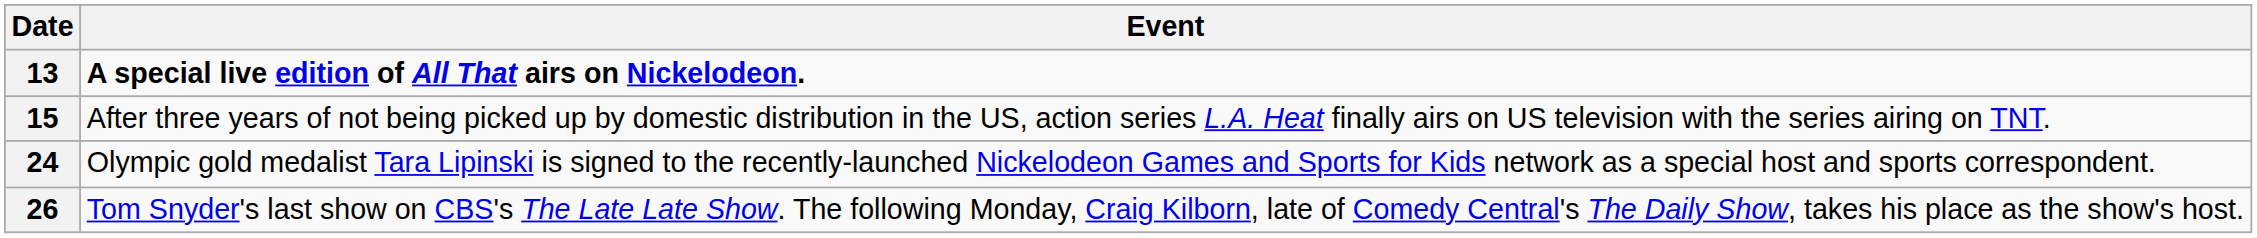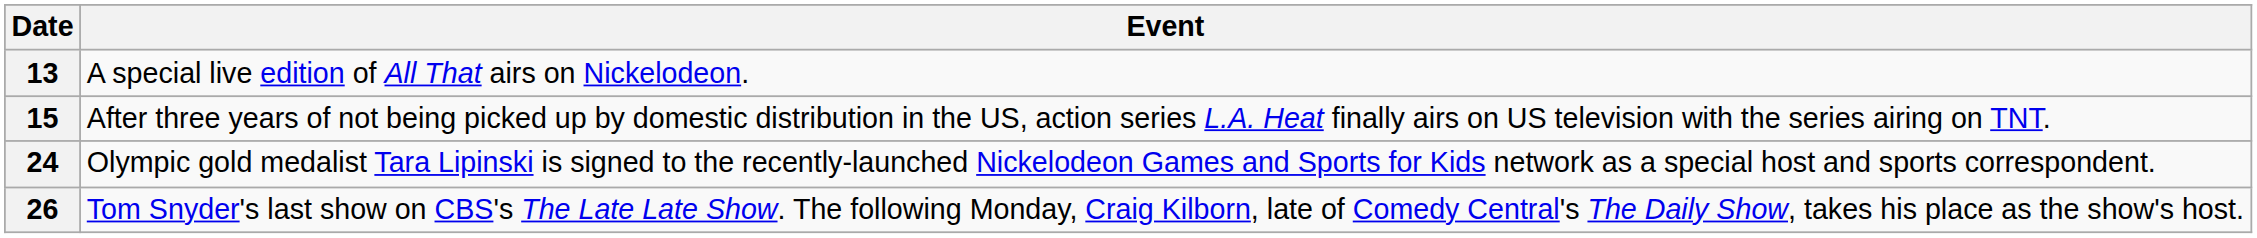 <table class="wikitable">
 <tr>
 <th>Date</th>
 <th>Event</th>
 </tr>
 <tr>
 <th>13</th>
-<td><strong>A special live <a href='#'>edition</a> of <em><a href='#'>All That</a></em> airs on <a href='#'>Nickelodeon</a>.</strong></td>
+<td>A special live <a href='#'>edition</a> of <em><a href='#'>All That</a></em> airs on <a href='#'>Nickelodeon</a>.</td>
 </tr>
 <tr>
 <th>15</th>
 <td>After three years of not being picked up by domestic distribution in the US, action series <em><a href='#'>L.A. Heat</a></em> finally airs on US television with the series airing on <a href='#'>TNT</a>.</td>
 </tr>
 <tr>
 <th>24</th>
 <td>Olympic gold medalist <a href='#'>Tara Lipinski</a> is signed to the recently-launched <a href='#'>Nickelodeon Games and Sports for Kids</a> network as a special host and sports correspondent.</td>
 </tr>
 <tr>
 <th>26</th>
 <td><a href='#'>Tom Snyder</a>'s last show on <a href='#'>CBS</a>'s <em><a href='#'>The Late Late Show</a></em>. The following Monday, <a href='#'>Craig Kilborn</a>, late of <a href='#'>Comedy Central</a>'s <em><a href='#'>The Daily Show</a></em>, takes his place as the show's host.</td>
 </tr>
 </table>
